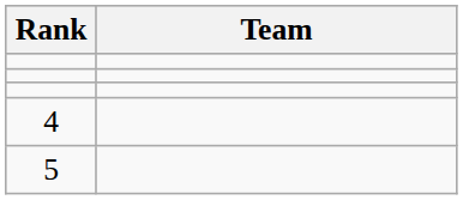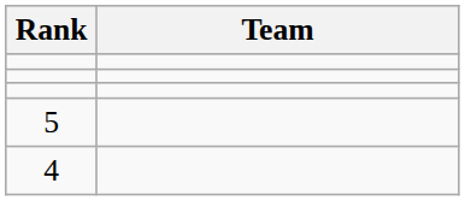 <table class="wikitable" style="text-align: center;">
 <tr>
 <th width=40>Rank</th>
 <th width=180>Team</th>
 </tr>
 <tr>
 <td></td>
 <td align="left"></td>
 </tr>
 <tr>
 <td></td>
 <td align="left"></td>
 </tr>
 <tr>
 <td></td>
 <td align="left"></td>
 </tr>
 <tr>
+<td>5</td>
+<td align="left"></td>
+</tr>
+<tr>
 <td>4</td>
 <td align="left"></td>
 </tr>
-<tr>
-<td>5</td>
-<td align="left"></td>
-</tr>
 </table>
